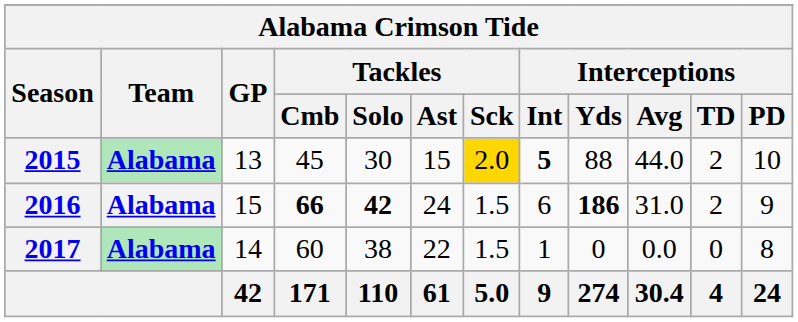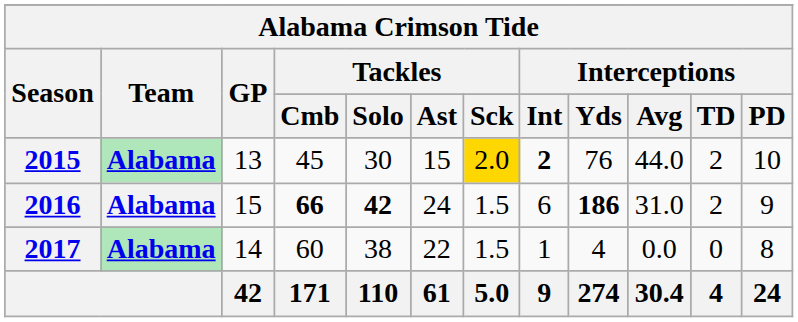 <table class="wikitable" style="text-align:center;">
 <tr>
 </tr>
 <tr>
 <th colspan="19">Alabama Crimson Tide</th>
 </tr>
 <tr>
 <th rowspan="2">Season</th>
 <th rowspan="2">Team</th>
 <th rowspan="2">GP</th>
 <th colspan="4">Tackles</th>
 <th colspan="5">Interceptions</th>
 </tr>
 <tr>
 <th>Cmb</th>
 <th>Solo</th>
 <th>Ast</th>
 <th>Sck</th>
 <th>Int</th>
 <th>Yds</th>
 <th>Avg</th>
 <th>TD</th>
 <th>PD</th>
 </tr>
 <tr>
 <th><a href='#'>2015</a></th>
 <th style="background:#afe6ba; width:3em;"><a href='#'>Alabama</a></th>
 <td>13</td>
 <td>45</td>
 <td>30</td>
 <td>15</td>
 <td style="background: gold;">2.0</td>
-<td><strong>5</strong></td>
-<td>88</td>
+<td><strong>2</strong></td>
+<td>76</td>
 <td>44.0</td>
 <td>2</td>
 <td>10</td>
 </tr>
 <tr>
 <th><a href='#'>2016</a></th>
 <th><a href='#'>Alabama</a></th>
 <td>15</td>
 <td><strong>66</strong></td>
 <td><strong>42</strong></td>
 <td>24</td>
 <td>1.5</td>
 <td>6</td>
 <td><strong>186</strong></td>
 <td>31.0</td>
 <td>2</td>
 <td>9</td>
 </tr>
 <tr>
 <th><a href='#'>2017</a></th>
 <th style="background:#afe6ba; width:3em;"><a href='#'>Alabama</a></th>
 <td>14</td>
 <td>60</td>
 <td>38</td>
 <td>22</td>
 <td>1.5</td>
 <td>1</td>
-<td>0</td>
+<td>4</td>
 <td>0.0</td>
 <td>0</td>
 <td>8</td>
 </tr>
 <tr>
 <th colspan="2"></th>
 <th>42</th>
 <th>171</th>
 <th>110</th>
 <th>61</th>
 <th>5.0</th>
 <th>9</th>
 <th>274</th>
 <th>30.4</th>
 <th>4</th>
 <th>24</th>
 </tr>
 </table>
